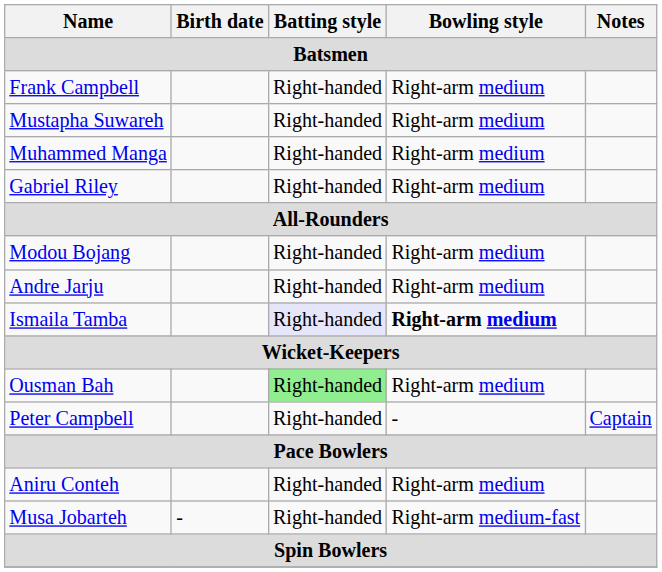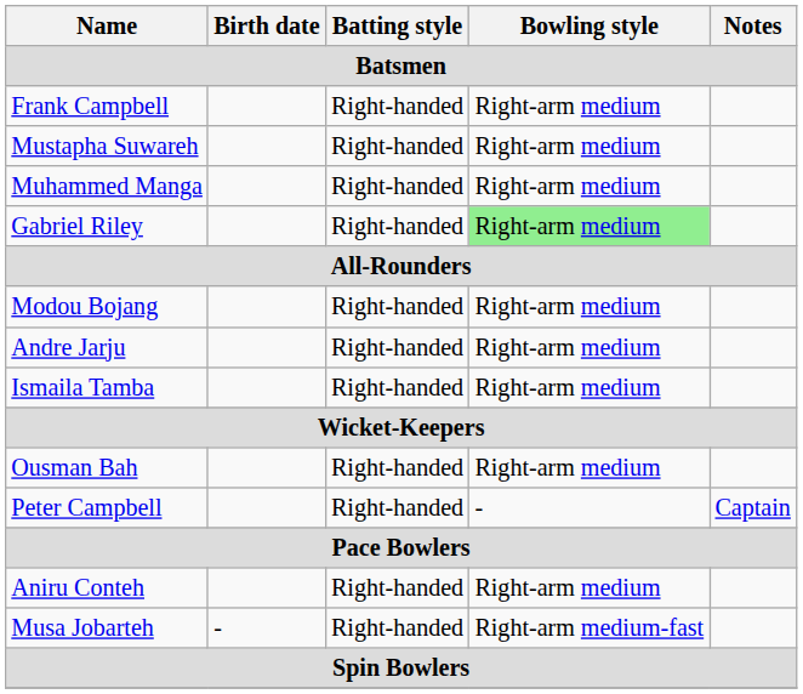 <table class="wikitable" style="font-size:95%;">
 <tr>
 <th align=center>Name</th>
 <th align=center>Birth date</th>
 <th align=center>Batting style</th>
 <th align=center>Bowling style</th>
 <th align=center>Notes</th>
 </tr>
 <tr>
 <th colspan="6" style="background: #DCDCDC" align=center>Batsmen</th>
 </tr>
 <tr>
 <td><a href='#'>Frank Campbell</a></td>
 <td></td>
 <td>Right-handed</td>
 <td>Right-arm <a href='#'>medium</a></td>
 <td></td>
 </tr>
 <tr>
 <td><a href='#'>Mustapha Suwareh</a></td>
 <td></td>
 <td>Right-handed</td>
 <td>Right-arm <a href='#'>medium</a></td>
 <td></td>
 </tr>
 <tr>
 <td><a href='#'>Muhammed Manga</a></td>
 <td></td>
 <td>Right-handed</td>
 <td>Right-arm <a href='#'>medium</a></td>
 <td></td>
 </tr>
 <tr>
 <td><a href='#'>Gabriel Riley</a></td>
 <td></td>
 <td>Right-handed</td>
-<td>Right-arm <a href='#'>medium</a></td>
+<td style="background: lightgreen;">Right-arm <a href='#'>medium</a></td>
 <td></td>
 </tr>
 <tr>
 <th colspan="6" style="background: #DCDCDC" align=center>All-Rounders</th>
 </tr>
 <tr>
 <td><a href='#'>Modou Bojang</a></td>
 <td></td>
 <td>Right-handed</td>
 <td>Right-arm <a href='#'>medium</a></td>
 <td></td>
 </tr>
 <tr>
 <td><a href='#'>Andre Jarju</a></td>
 <td></td>
 <td>Right-handed</td>
 <td>Right-arm <a href='#'>medium</a></td>
 <td></td>
 </tr>
 <tr>
 <td><a href='#'>Ismaila Tamba</a></td>
 <td></td>
-<td style="background: lavender;">Right-handed</td>
-<td><strong>Right-arm <a href='#'>medium</a></strong></td>
+<td>Right-handed</td>
+<td>Right-arm <a href='#'>medium</a></td>
 <td></td>
 </tr>
 <tr>
 <th colspan="6" style="background: #DCDCDC" align=center>Wicket-Keepers</th>
 </tr>
 <tr>
 <td><a href='#'>Ousman Bah</a></td>
 <td></td>
-<td style="background: lightgreen;">Right-handed</td>
+<td>Right-handed</td>
 <td>Right-arm <a href='#'>medium</a></td>
 <td></td>
 </tr>
 <tr>
 <td><a href='#'>Peter Campbell</a></td>
 <td></td>
 <td>Right-handed</td>
 <td>-</td>
 <td><a href='#'>Captain</a></td>
 </tr>
 <tr>
 <th colspan="6" style="background: #DCDCDC" align=center>Pace Bowlers</th>
 </tr>
 <tr>
 <td><a href='#'>Aniru Conteh</a></td>
 <td></td>
 <td>Right-handed</td>
 <td>Right-arm <a href='#'>medium</a></td>
 <td></td>
 </tr>
 <tr>
 <td><a href='#'>Musa Jobarteh</a></td>
 <td>-</td>
 <td>Right-handed</td>
 <td>Right-arm <a href='#'>medium-fast</a></td>
 <td></td>
 </tr>
 <tr>
 <th colspan="6" style="background: #DCDCDC" align=center>Spin Bowlers</th>
 </tr>
 <tr>
 </tr>
 </table>
